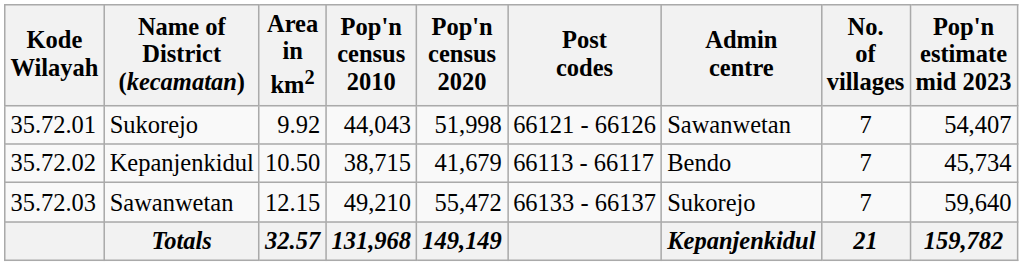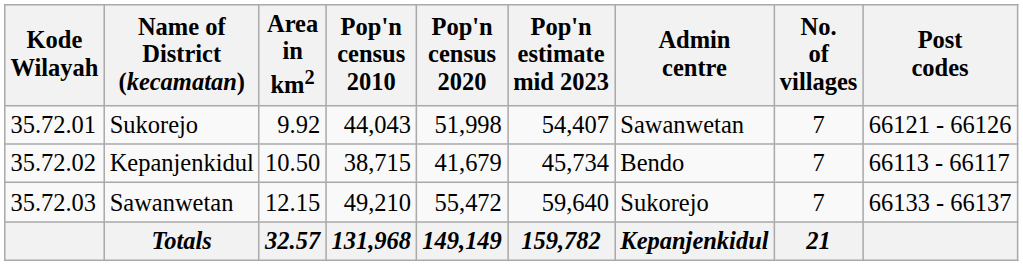 <table class="sortable wikitable">
 <tr>
 <th>Kode <br>Wilayah</th>
 <th>Name of <br>District<br>(<em>kecamatan</em>)</th>
 <th>Area <br> in <br>km<sup>2</sup></th>
 <th>Pop'n<br>census<br>2010</th>
 <th>Pop'n<br>census<br>2020</th>
-<th>Post<br>codes</th>
+<th>Pop'n<br>estimate<br>mid 2023</th>
 <th>Admin<br>centre</th>
 <th>No.<br>of<br>villages</th>
-<th>Pop'n<br>estimate<br>mid 2023</th>
+<th>Post<br>codes</th>
 </tr>
 <tr>
 <td>35.72.01</td>
 <td>Sukorejo</td>
 <td align="right">9.92</td>
 <td align="right">44,043</td>
 <td align="right">51,998</td>
-<td>66121 - 66126</td>
+<td align="right">54,407</td>
 <td>Sawanwetan</td>
 <td align="center">7</td>
-<td align="right">54,407</td>
+<td>66121 - 66126</td>
 </tr>
 <tr>
 <td>35.72.02</td>
 <td>Kepanjenkidul</td>
 <td align="right">10.50</td>
 <td align="right">38,715</td>
 <td align="right">41,679</td>
-<td>66113 - 66117</td>
+<td align="right">45,734</td>
 <td>Bendo</td>
 <td align="center">7</td>
-<td align="right">45,734</td>
+<td>66113 - 66117</td>
 </tr>
 <tr>
 <td>35.72.03</td>
 <td>Sawanwetan</td>
 <td align="right">12.15</td>
 <td align="right">49,210</td>
 <td align="right">55,472</td>
-<td>66133 - 66137</td>
+<td align="right">59,640</td>
 <td>Sukorejo</td>
 <td align="center">7</td>
-<td align="right">59,640</td>
+<td>66133 - 66137</td>
 </tr>
 <tr>
 <th></th>
 <th><strong><em>Totals</em></strong></th>
 <th align="right"><em>32.57</em></th>
 <th align="right"><em>131,968</em></th>
 <th align="right"><em>149,149</em></th>
-<th></th>
+<th align="right"><em>159,782</em></th>
 <th><em>Kepanjenkidul</em></th>
 <th align="center"><em>21</em></th>
-<th align="right"><em>159,782</em></th>
+<th></th>
 </tr>
 </table>
